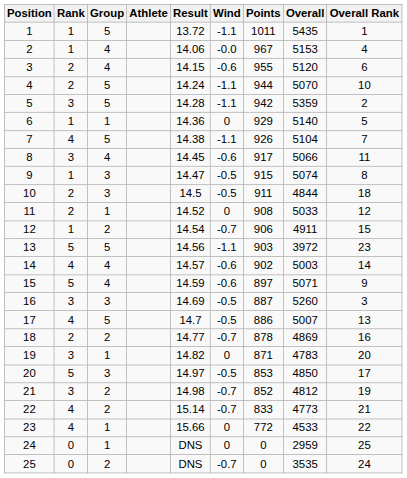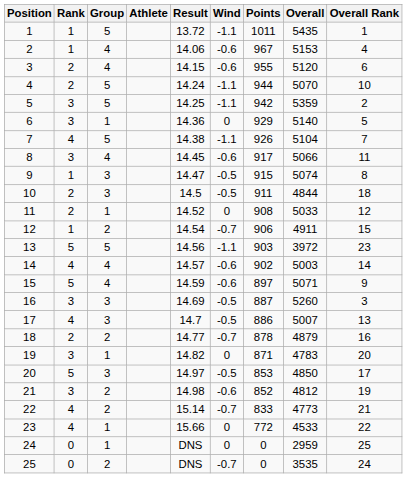 <table class="wikitable sortable" style="text-align:center">
 <tr>
 <th>Position</th>
 <th>Rank</th>
 <th>Group</th>
 <th>Athlete</th>
 <th>Result</th>
 <th>Wind</th>
 <th>Points</th>
 <th>Overall</th>
 <th>Overall Rank</th>
 </tr>
 <tr>
 <td>1</td>
 <td>1</td>
 <td>5</td>
 <td align=left></td>
 <td>13.72</td>
 <td>-1.1</td>
 <td>1011</td>
 <td>5435</td>
 <td>1</td>
 </tr>
 <tr>
 <td>2</td>
 <td>1</td>
 <td>4</td>
 <td align=left></td>
 <td>14.06</td>
-<td>-0.0</td>
+<td>-0.6</td>
 <td>967</td>
 <td>5153</td>
 <td>4</td>
 </tr>
 <tr>
 <td>3</td>
 <td>2</td>
 <td>4</td>
 <td align=left></td>
 <td>14.15</td>
 <td>-0.6</td>
 <td>955</td>
 <td>5120</td>
 <td>6</td>
 </tr>
 <tr>
 <td>4</td>
 <td>2</td>
 <td>5</td>
 <td align=left></td>
 <td>14.24</td>
 <td>-1.1</td>
 <td>944</td>
 <td>5070</td>
 <td>10</td>
 </tr>
 <tr>
 <td>5</td>
 <td>3</td>
 <td>5</td>
 <td align=left></td>
-<td>14.28</td>
+<td>14.25</td>
 <td>-1.1</td>
 <td>942</td>
 <td>5359</td>
 <td>2</td>
 </tr>
 <tr>
 <td>6</td>
-<td>1</td>
+<td>3</td>
 <td>1</td>
 <td align=left></td>
 <td>14.36</td>
 <td>0</td>
 <td>929</td>
 <td>5140</td>
 <td>5</td>
 </tr>
 <tr>
 <td>7</td>
 <td>4</td>
 <td>5</td>
 <td align=left></td>
 <td>14.38</td>
 <td>-1.1</td>
 <td>926</td>
 <td>5104</td>
 <td>7</td>
 </tr>
 <tr>
 <td>8</td>
 <td>3</td>
 <td>4</td>
 <td align=left></td>
 <td>14.45</td>
 <td>-0.6</td>
 <td>917</td>
 <td>5066</td>
 <td>11</td>
 </tr>
 <tr>
 <td>9</td>
 <td>1</td>
 <td>3</td>
 <td align=left></td>
 <td>14.47</td>
 <td>-0.5</td>
 <td>915</td>
 <td>5074</td>
 <td>8</td>
 </tr>
 <tr>
 <td>10</td>
 <td>2</td>
 <td>3</td>
 <td align=left></td>
 <td>14.5</td>
 <td>-0.5</td>
 <td>911</td>
 <td>4844</td>
 <td>18</td>
 </tr>
 <tr>
 <td>11</td>
 <td>2</td>
 <td>1</td>
 <td align=left></td>
 <td>14.52</td>
 <td>0</td>
 <td>908</td>
 <td>5033</td>
 <td>12</td>
 </tr>
 <tr>
 <td>12</td>
 <td>1</td>
 <td>2</td>
 <td align=left></td>
 <td>14.54</td>
 <td>-0.7</td>
 <td>906</td>
 <td>4911</td>
 <td>15</td>
 </tr>
 <tr>
 <td>13</td>
 <td>5</td>
 <td>5</td>
 <td align=left></td>
 <td>14.56</td>
 <td>-1.1</td>
 <td>903</td>
 <td>3972</td>
 <td>23</td>
 </tr>
 <tr>
 <td>14</td>
 <td>4</td>
 <td>4</td>
 <td align=left></td>
 <td>14.57</td>
 <td>-0.6</td>
 <td>902</td>
 <td>5003</td>
 <td>14</td>
 </tr>
 <tr>
 <td>15</td>
 <td>5</td>
 <td>4</td>
 <td align=left></td>
 <td>14.59</td>
 <td>-0.6</td>
 <td>897</td>
 <td>5071</td>
 <td>9</td>
 </tr>
 <tr>
 <td>16</td>
 <td>3</td>
 <td>3</td>
 <td align=left></td>
 <td>14.69</td>
 <td>-0.5</td>
 <td>887</td>
 <td>5260</td>
 <td>3</td>
 </tr>
 <tr>
 <td>17</td>
 <td>4</td>
-<td>5</td>
+<td>3</td>
 <td align=left></td>
 <td>14.7</td>
 <td>-0.5</td>
 <td>886</td>
 <td>5007</td>
 <td>13</td>
 </tr>
 <tr>
 <td>18</td>
 <td>2</td>
 <td>2</td>
 <td align=left></td>
 <td>14.77</td>
 <td>-0.7</td>
 <td>878</td>
-<td>4869</td>
+<td>4879</td>
 <td>16</td>
 </tr>
 <tr>
 <td>19</td>
 <td>3</td>
 <td>1</td>
 <td align=left></td>
 <td>14.82</td>
 <td>0</td>
 <td>871</td>
 <td>4783</td>
 <td>20</td>
 </tr>
 <tr>
 <td>20</td>
 <td>5</td>
 <td>3</td>
 <td align=left></td>
 <td>14.97</td>
 <td>-0.5</td>
 <td>853</td>
 <td>4850</td>
 <td>17</td>
 </tr>
 <tr>
 <td>21</td>
 <td>3</td>
 <td>2</td>
 <td align=left></td>
 <td>14.98</td>
-<td>-0.7</td>
+<td>-0.6</td>
 <td>852</td>
 <td>4812</td>
 <td>19</td>
 </tr>
 <tr>
 <td>22</td>
 <td>4</td>
 <td>2</td>
 <td align=left></td>
 <td>15.14</td>
 <td>-0.7</td>
 <td>833</td>
 <td>4773</td>
 <td>21</td>
 </tr>
 <tr>
 <td>23</td>
 <td>4</td>
 <td>1</td>
 <td align=left></td>
 <td>15.66</td>
 <td>0</td>
 <td>772</td>
 <td>4533</td>
 <td>22</td>
 </tr>
 <tr>
 <td>24</td>
 <td>0</td>
 <td>1</td>
 <td align=left></td>
 <td>DNS</td>
 <td>0</td>
 <td>0</td>
 <td>2959</td>
 <td>25</td>
 </tr>
 <tr>
 <td>25</td>
 <td>0</td>
 <td>2</td>
 <td align=left></td>
 <td>DNS</td>
 <td>-0.7</td>
 <td>0</td>
 <td>3535</td>
 <td>24</td>
 </tr>
 </table>
